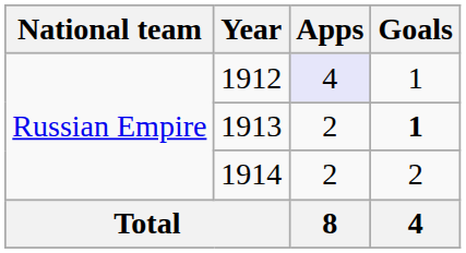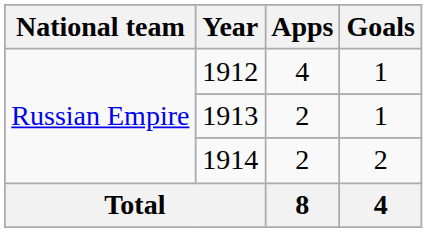 <table class="wikitable" style="text-align:center">
 <tr>
 <th>National team</th>
 <th>Year</th>
 <th>Apps</th>
 <th>Goals</th>
 </tr>
 <tr>
 <td rowspan="3"><a href='#'>Russian Empire</a></td>
 <td>1912</td>
-<td style="background: lavender;">4</td>
+<td>4</td>
 <td>1</td>
 </tr>
 <tr>
 <td>1913</td>
 <td>2</td>
-<td><strong>1</strong></td>
+<td>1</td>
 </tr>
 <tr>
 <td>1914</td>
 <td>2</td>
 <td>2</td>
 </tr>
 <tr>
 <th colspan=2>Total</th>
 <th>8</th>
 <th>4</th>
 </tr>
 </table>
